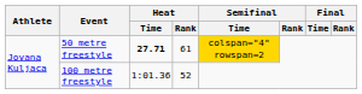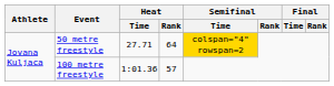 <table class="wikitable" style="text-align:center; font-size:90%; width:50%;">
 <tr>
 <th rowspan="2">Athlete</th>
 <th rowspan="2">Event</th>
 <th colspan="2">Heat</th>
 <th colspan="2">Semifinal</th>
 <th colspan="2">Final</th>
 </tr>
 <tr style="font-size:95%">
 <th>Time</th>
 <th>Rank</th>
 <th>Time</th>
 <th>Rank</th>
 <th>Time</th>
 <th>Rank</th>
 </tr>
 <tr align=center>
 <td align=left rowspan=2><a href='#'>Jovana Kuljaca</a></td>
 <td align=left><a href='#'>50 metre freestyle</a></td>
-<td><strong>27.71</strong></td>
-<td>61</td>
+<td>27.71</td>
+<td>64</td>
 <td style="background: gold;">colspan="4" rowspan=2 </td>
 </tr>
 <tr align=center>
 <td align=left><a href='#'>100 metre freestyle</a></td>
 <td>1:01.36</td>
-<td>52</td>
+<td>57</td>
 </tr>
 </table>
